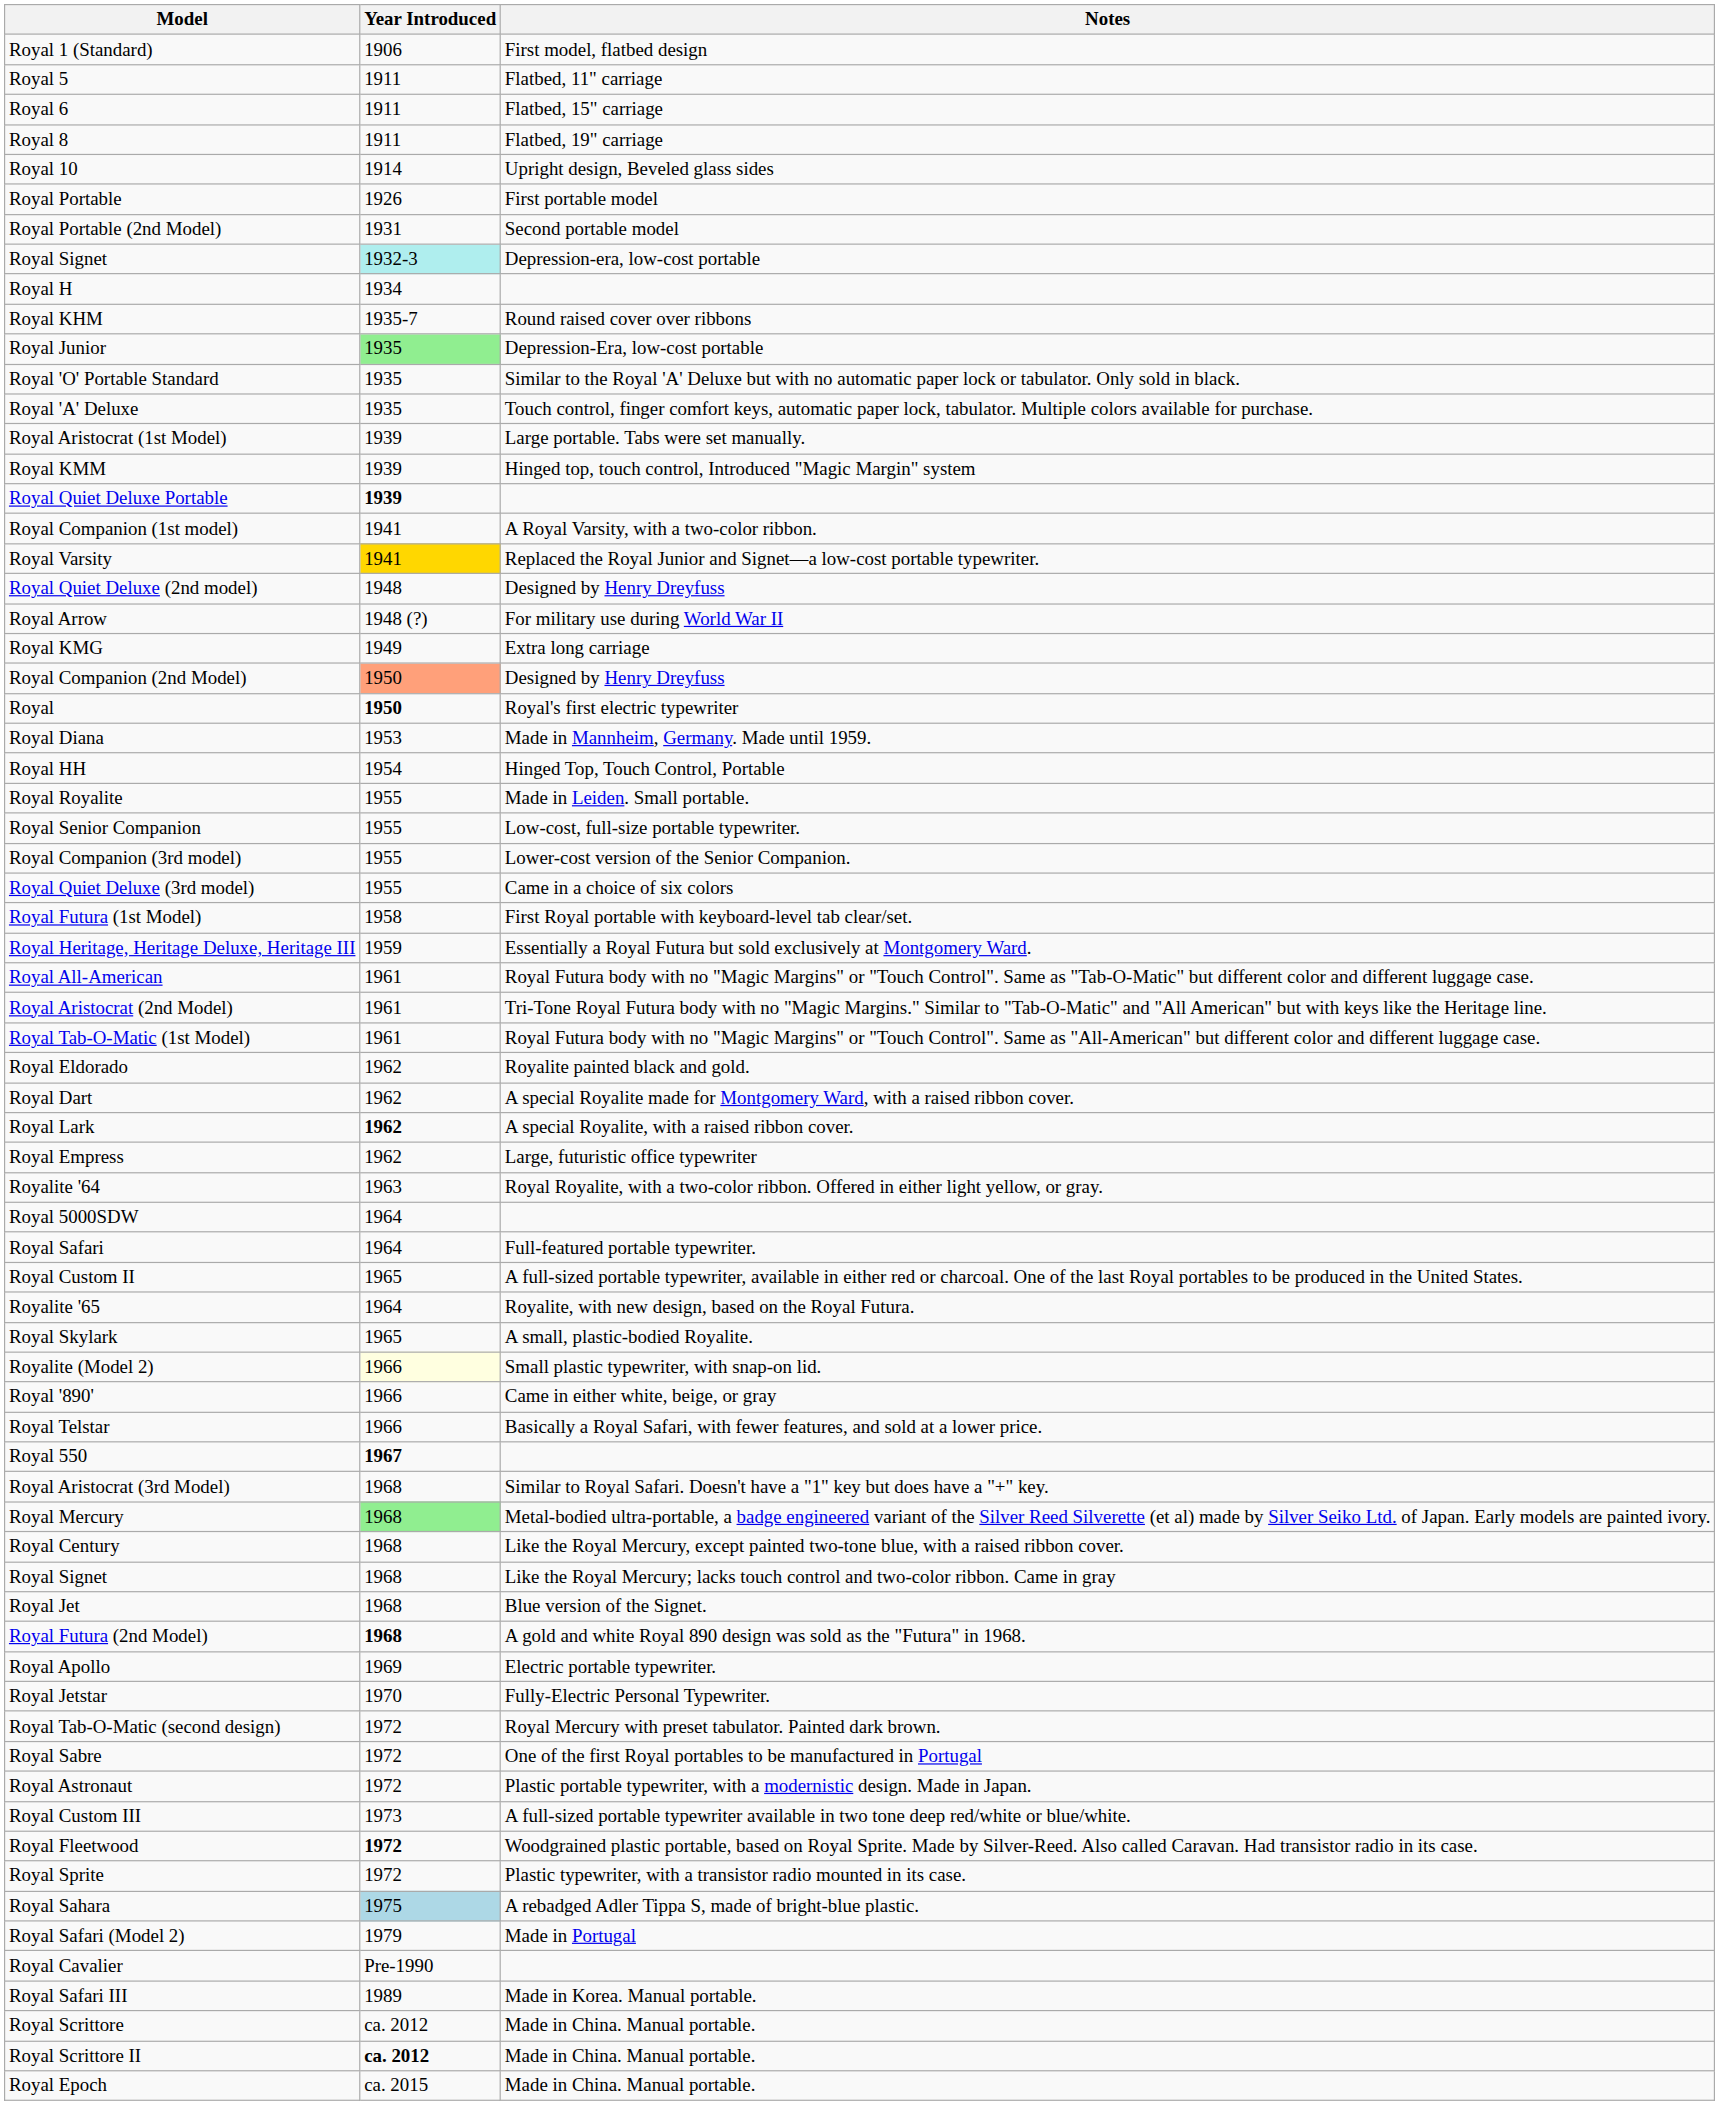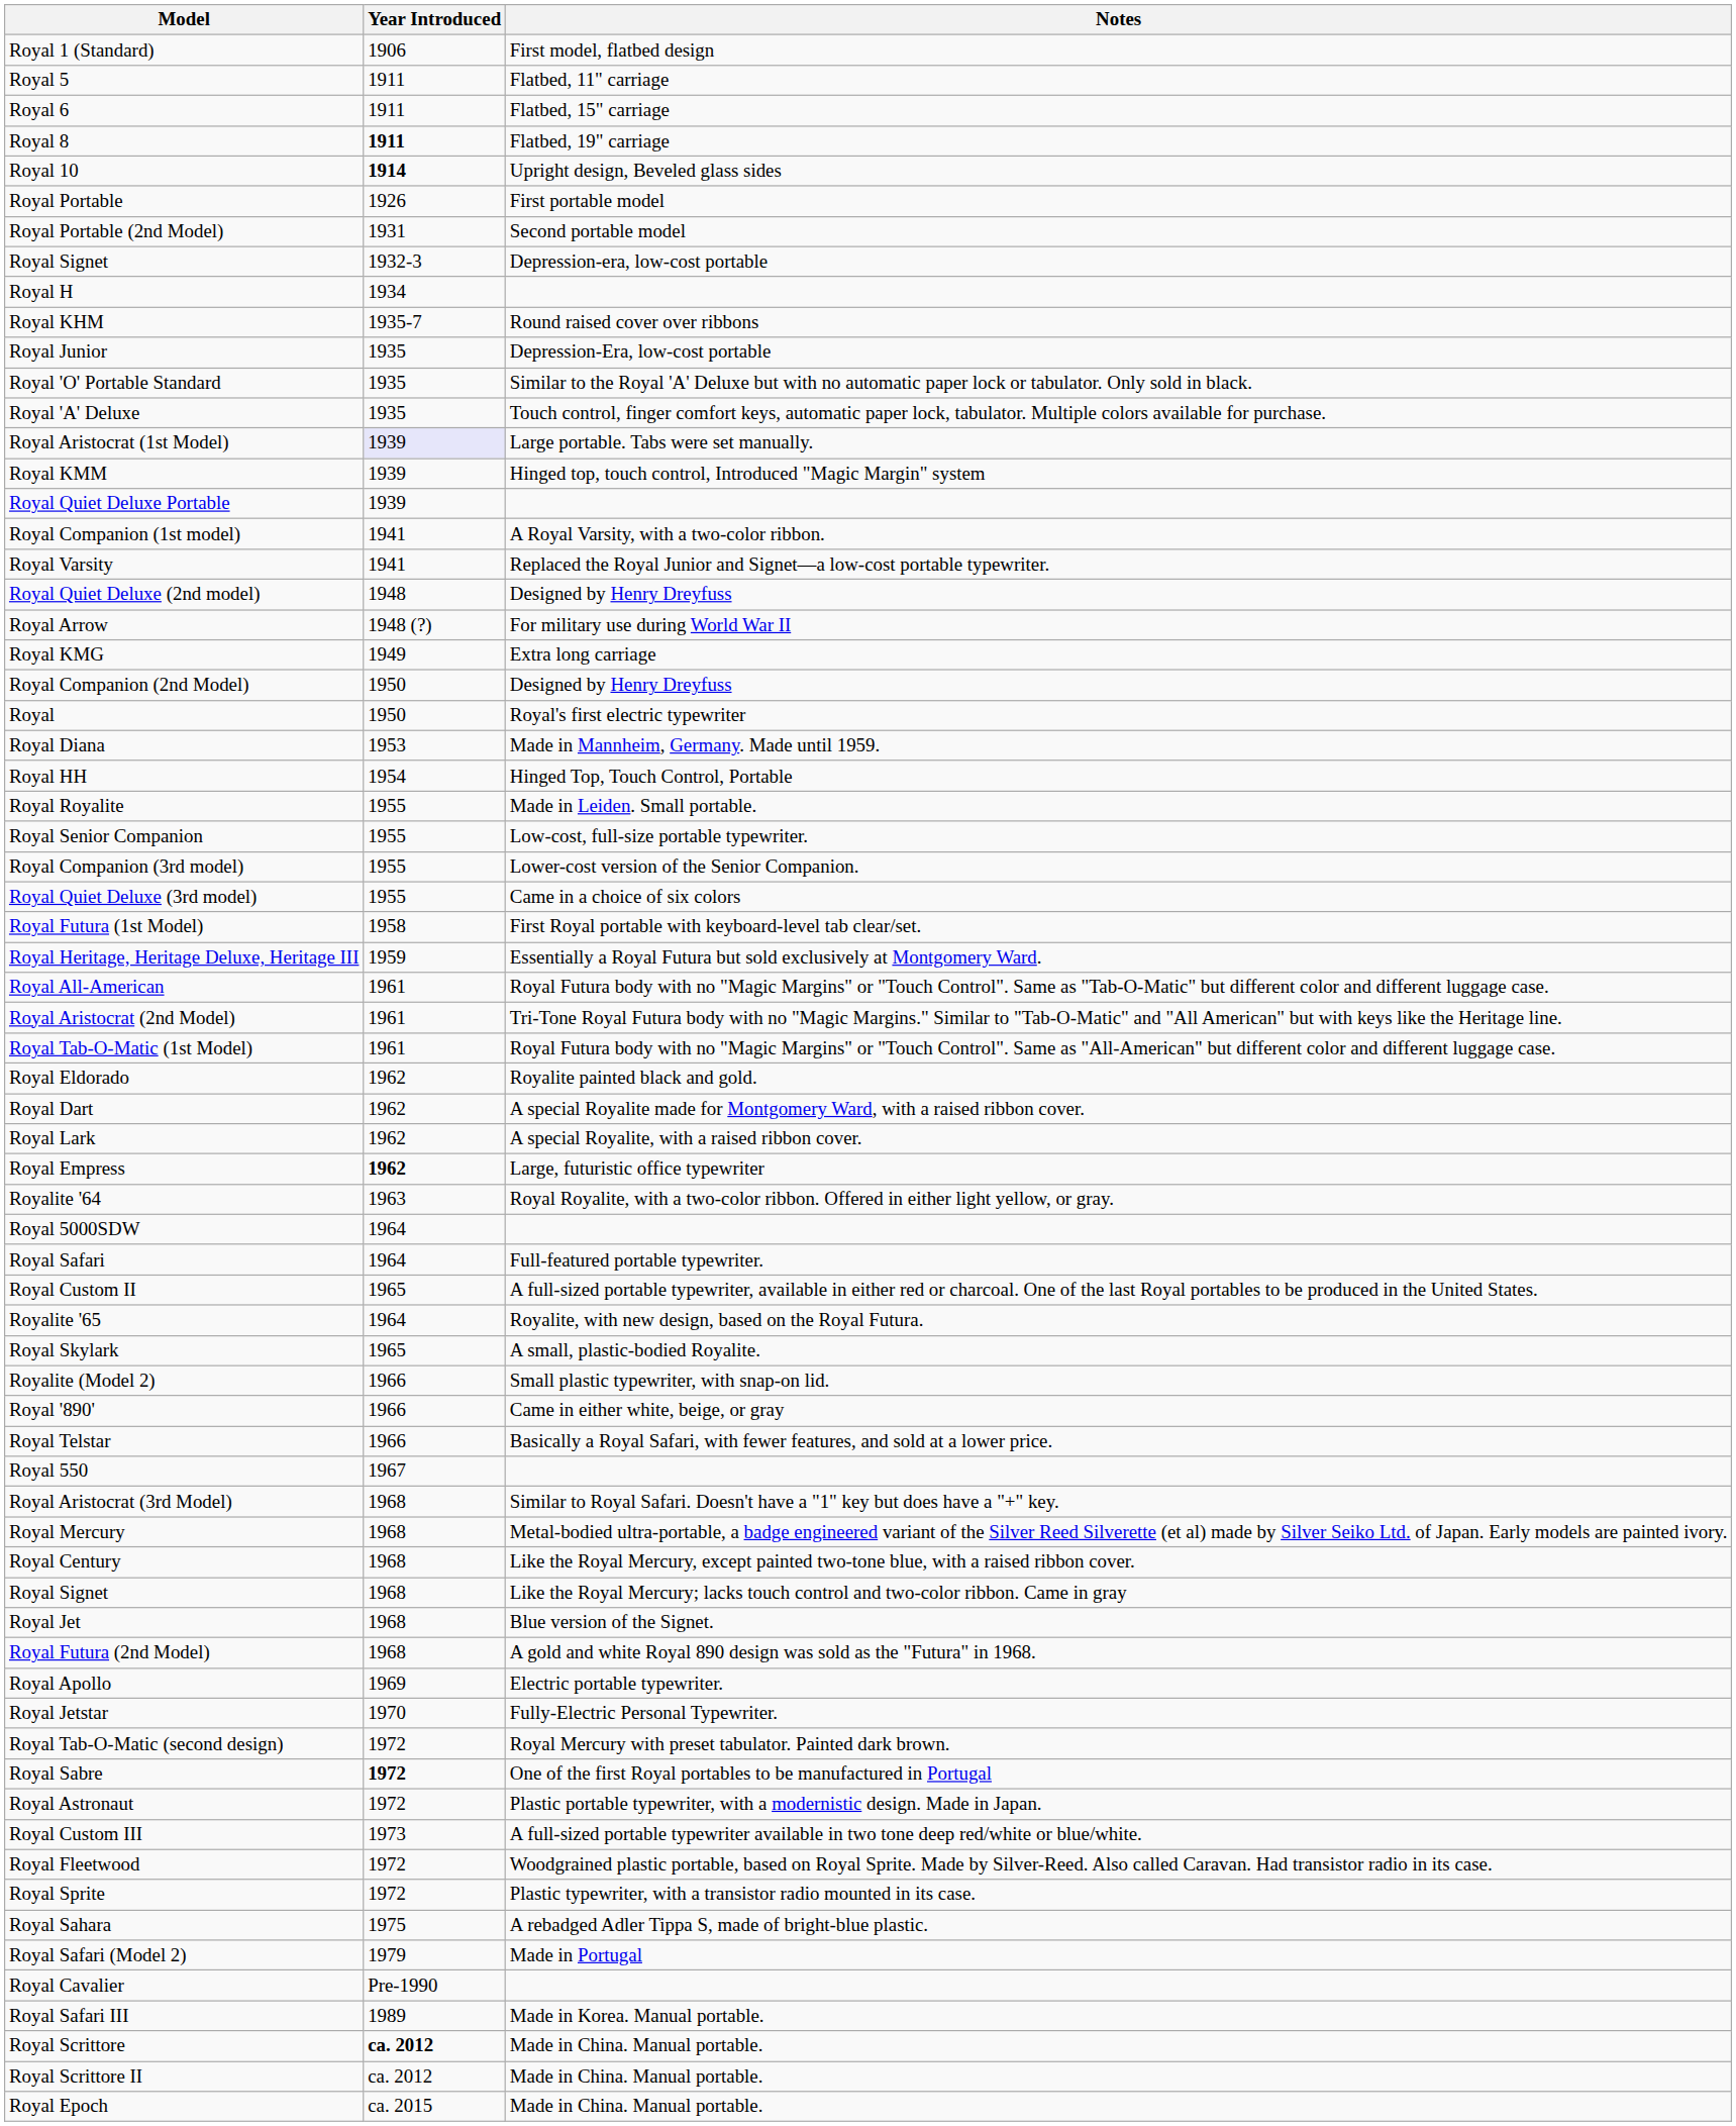 <table class="wikitable">
 <tr>
 <th>Model</th>
 <th>Year Introduced</th>
 <th>Notes</th>
 </tr>
 <tr>
 <td>Royal 1 (Standard)</td>
 <td>1906</td>
 <td>First model, flatbed design</td>
 </tr>
 <tr>
 <td>Royal 5</td>
 <td>1911</td>
 <td>Flatbed, 11" carriage</td>
 </tr>
 <tr>
 <td>Royal 6</td>
 <td>1911</td>
 <td>Flatbed, 15" carriage</td>
 </tr>
 <tr>
 <td>Royal 8</td>
-<td>1911</td>
+<td><strong>1911</strong></td>
 <td>Flatbed, 19" carriage</td>
 </tr>
 <tr>
 <td>Royal 10</td>
-<td>1914</td>
+<td><strong>1914</strong></td>
 <td>Upright design, Beveled glass sides</td>
 </tr>
 <tr>
 <td>Royal Portable</td>
 <td>1926</td>
 <td>First portable model</td>
 </tr>
 <tr>
 <td>Royal Portable (2nd Model)</td>
 <td>1931</td>
 <td>Second portable model</td>
 </tr>
 <tr>
 <td>Royal Signet</td>
-<td style="background: paleturquoise;">1932-3</td>
+<td>1932-3</td>
 <td>Depression-era, low-cost portable</td>
 </tr>
 <tr>
 <td>Royal H</td>
 <td>1934</td>
 <td></td>
 </tr>
 <tr>
 <td>Royal KHM</td>
 <td>1935-7</td>
 <td>Round raised cover over ribbons</td>
 </tr>
 <tr>
 <td>Royal Junior</td>
-<td style="background: lightgreen;">1935</td>
+<td>1935</td>
 <td>Depression-Era, low-cost portable</td>
 </tr>
 <tr>
 <td>Royal 'O' Portable Standard</td>
 <td>1935</td>
 <td>Similar to the Royal 'A' Deluxe but with no automatic paper lock or tabulator. Only sold in black.</td>
 </tr>
 <tr>
 <td>Royal 'A' Deluxe</td>
 <td>1935</td>
 <td>Touch control, finger comfort keys, automatic paper lock, tabulator. Multiple colors available for purchase.</td>
 </tr>
 <tr>
 <td>Royal Aristocrat (1st Model)</td>
-<td>1939</td>
+<td style="background: lavender;">1939</td>
 <td>Large portable. Tabs were set manually.</td>
 </tr>
 <tr>
 <td>Royal KMM</td>
 <td>1939</td>
 <td>Hinged top, touch control, Introduced "Magic Margin" system</td>
 </tr>
 <tr>
 <td><a href='#'>Royal Quiet Deluxe Portable</a></td>
-<td><strong>1939</strong></td>
+<td>1939</td>
 <td></td>
 </tr>
 <tr>
 <td>Royal Companion (1st model)</td>
 <td>1941</td>
 <td>A Royal Varsity, with a two-color ribbon.</td>
 </tr>
 <tr>
 <td>Royal Varsity</td>
-<td style="background: gold;">1941</td>
+<td>1941</td>
 <td>Replaced the Royal Junior and Signet—a low-cost portable typewriter.</td>
 </tr>
 <tr>
 <td><a href='#'>Royal Quiet Deluxe</a> (2nd model)</td>
 <td>1948</td>
 <td>Designed by <a href='#'>Henry Dreyfuss</a></td>
 </tr>
 <tr>
 <td>Royal Arrow</td>
 <td>1948 (?)</td>
 <td>For military use during <a href='#'>World War II</a></td>
 </tr>
 <tr>
 <td>Royal KMG</td>
 <td>1949</td>
 <td>Extra long carriage</td>
 </tr>
 <tr>
 <td>Royal Companion (2nd Model)</td>
-<td style="background: lightsalmon;">1950</td>
+<td>1950</td>
 <td>Designed by <a href='#'>Henry Dreyfuss</a></td>
 </tr>
 <tr>
 <td>Royal</td>
-<td><strong>1950</strong></td>
+<td>1950</td>
 <td>Royal's first electric typewriter</td>
 </tr>
 <tr>
 <td>Royal Diana</td>
 <td>1953</td>
 <td>Made in <a href='#'>Mannheim</a>, <a href='#'>Germany</a>. Made until 1959.</td>
 </tr>
 <tr>
 <td>Royal HH</td>
 <td>1954</td>
 <td>Hinged Top, Touch Control, Portable</td>
 </tr>
 <tr>
 <td>Royal Royalite</td>
 <td>1955</td>
 <td>Made in <a href='#'>Leiden</a>. Small portable.</td>
 </tr>
 <tr>
 <td>Royal Senior Companion</td>
 <td>1955</td>
 <td>Low-cost, full-size portable typewriter.</td>
 </tr>
 <tr>
 <td>Royal Companion (3rd model)</td>
 <td>1955</td>
 <td>Lower-cost version of the Senior Companion.</td>
 </tr>
 <tr>
 <td><a href='#'>Royal Quiet Deluxe</a> (3rd model)</td>
 <td>1955</td>
 <td>Came in a choice of six colors</td>
 </tr>
 <tr>
 <td><a href='#'>Royal Futura</a> (1st Model)</td>
 <td>1958</td>
 <td>First Royal portable with keyboard-level tab clear/set.</td>
 </tr>
 <tr>
 <td><a href='#'>Royal Heritage, Heritage Deluxe, Heritage III</a></td>
 <td>1959</td>
 <td>Essentially a Royal Futura but sold exclusively at <a href='#'>Montgomery Ward</a>.</td>
 </tr>
 <tr>
 <td><a href='#'>Royal All-American</a></td>
 <td>1961</td>
 <td>Royal Futura body with no "Magic Margins" or "Touch Control". Same as "Tab-O-Matic" but different color and different luggage case.</td>
 </tr>
 <tr>
 <td><a href='#'>Royal Aristocrat</a> (2nd Model)</td>
 <td>1961</td>
 <td>Tri-Tone Royal Futura body with no "Magic Margins." Similar to "Tab-O-Matic" and "All American" but with keys like the Heritage line.</td>
 </tr>
 <tr>
 <td><a href='#'>Royal Tab-O-Matic</a> (1st Model)</td>
 <td>1961</td>
 <td>Royal Futura body with no "Magic Margins" or "Touch Control". Same as "All-American" but different color and different luggage case.</td>
 </tr>
 <tr>
 <td>Royal Eldorado</td>
 <td>1962</td>
 <td>Royalite painted black and gold.</td>
 </tr>
 <tr>
 <td>Royal Dart</td>
 <td>1962</td>
 <td>A special Royalite made for <a href='#'>Montgomery Ward</a>, with a raised ribbon cover.</td>
 </tr>
 <tr>
 <td>Royal Lark</td>
-<td><strong>1962</strong></td>
+<td>1962</td>
 <td>A special Royalite, with a raised ribbon cover.</td>
 </tr>
 <tr>
 <td>Royal Empress</td>
-<td>1962</td>
+<td><strong>1962</strong></td>
 <td>Large, futuristic office typewriter</td>
 </tr>
 <tr>
 <td>Royalite '64</td>
 <td>1963</td>
 <td>Royal Royalite, with a two-color ribbon. Offered in either light yellow, or gray.</td>
 </tr>
 <tr>
 <td>Royal 5000SDW</td>
 <td>1964</td>
 <td></td>
 </tr>
 <tr>
 <td>Royal Safari</td>
 <td>1964</td>
 <td>Full-featured portable typewriter.</td>
 </tr>
 <tr>
 <td>Royal Custom II</td>
 <td>1965</td>
 <td>A full-sized portable typewriter, available in either red or charcoal. One of the last Royal portables to be produced in the United States.</td>
 </tr>
 <tr>
 <td>Royalite '65</td>
 <td>1964</td>
 <td>Royalite, with new design, based on the Royal Futura.</td>
 </tr>
 <tr>
 <td>Royal Skylark</td>
 <td>1965</td>
 <td>A small, plastic-bodied Royalite.</td>
 </tr>
 <tr>
 <td>Royalite (Model 2)</td>
-<td style="background: lightyellow;">1966</td>
+<td>1966</td>
 <td>Small plastic typewriter, with snap-on lid.</td>
 </tr>
 <tr>
 <td>Royal '890'</td>
 <td>1966</td>
 <td>Came in either white, beige, or gray</td>
 </tr>
 <tr>
 <td>Royal Telstar</td>
 <td>1966</td>
 <td>Basically a Royal Safari, with fewer features, and sold at a lower price.</td>
 </tr>
 <tr>
 <td>Royal 550</td>
-<td><strong>1967</strong></td>
+<td>1967</td>
 <td></td>
 </tr>
 <tr>
 <td>Royal Aristocrat (3rd Model)</td>
 <td>1968</td>
 <td>Similar to Royal Safari. Doesn't have a "1" key but does have a "+" key.</td>
 </tr>
 <tr>
 <td>Royal Mercury</td>
-<td style="background: lightgreen;">1968</td>
+<td>1968</td>
 <td>Metal-bodied ultra-portable, a <a href='#'>badge engineered</a> variant of the <a href='#'>Silver Reed Silverette</a> (et al) made by <a href='#'>Silver Seiko Ltd.</a> of Japan. Early models are painted ivory.</td>
 </tr>
 <tr>
 <td>Royal Century</td>
 <td>1968</td>
 <td>Like the Royal Mercury, except painted two-tone blue, with a raised ribbon cover.</td>
 </tr>
 <tr>
 <td>Royal Signet</td>
 <td>1968</td>
 <td>Like the Royal Mercury; lacks touch control and two-color ribbon. Came in gray</td>
 </tr>
 <tr>
 <td>Royal Jet</td>
 <td>1968</td>
 <td>Blue version of the Signet.</td>
 </tr>
 <tr>
 <td><a href='#'>Royal Futura</a> (2nd Model)</td>
-<td><strong>1968</strong></td>
+<td>1968</td>
 <td>A gold and white Royal 890 design was sold as the "Futura" in 1968.</td>
 </tr>
 <tr>
 <td>Royal Apollo</td>
 <td>1969</td>
 <td>Electric portable typewriter.</td>
 </tr>
 <tr>
 <td>Royal Jetstar</td>
 <td>1970</td>
 <td>Fully-Electric Personal Typewriter.</td>
 </tr>
 <tr>
 <td>Royal Tab-O-Matic (second design)</td>
 <td>1972</td>
 <td>Royal Mercury with preset tabulator. Painted dark brown.</td>
 </tr>
 <tr>
 <td>Royal Sabre</td>
-<td>1972</td>
+<td><strong>1972</strong></td>
 <td>One of the first Royal portables to be manufactured in <a href='#'>Portugal</a></td>
 </tr>
 <tr>
 <td>Royal Astronaut</td>
 <td>1972</td>
 <td>Plastic portable typewriter, with a <a href='#'>modernistic</a> design. Made in Japan.</td>
 </tr>
 <tr>
 <td>Royal Custom III</td>
 <td>1973</td>
 <td>A full-sized portable typewriter available in two tone deep red/white or blue/white.</td>
 </tr>
 <tr>
 <td>Royal Fleetwood</td>
-<td><strong>1972</strong></td>
+<td>1972</td>
 <td>Woodgrained plastic portable, based on Royal Sprite. Made by Silver-Reed. Also called Caravan. Had transistor radio in its case.</td>
 </tr>
 <tr>
 <td>Royal Sprite</td>
 <td>1972</td>
 <td>Plastic typewriter, with a transistor radio mounted in its case.</td>
 </tr>
 <tr>
 <td>Royal Sahara</td>
-<td style="background: lightblue;">1975</td>
+<td>1975</td>
 <td>A rebadged Adler Tippa S, made of bright-blue plastic.</td>
 </tr>
 <tr>
 <td>Royal Safari (Model 2)</td>
 <td>1979</td>
 <td>Made in <a href='#'>Portugal</a></td>
 </tr>
 <tr>
 <td>Royal Cavalier</td>
 <td>Pre-1990</td>
 <td></td>
 </tr>
 <tr>
 <td>Royal Safari III</td>
 <td>1989</td>
 <td>Made in Korea. Manual portable.</td>
 </tr>
 <tr>
 <td>Royal Scrittore</td>
-<td>ca. 2012</td>
+<td><strong>ca. 2012</strong></td>
 <td>Made in China. Manual portable.</td>
 </tr>
 <tr>
 <td>Royal Scrittore II</td>
-<td><strong>ca. 2012</strong></td>
+<td>ca. 2012</td>
 <td>Made in China. Manual portable.</td>
 </tr>
 <tr>
 <td>Royal Epoch</td>
 <td>ca. 2015</td>
 <td>Made in China. Manual portable.</td>
 </tr>
 </table>
